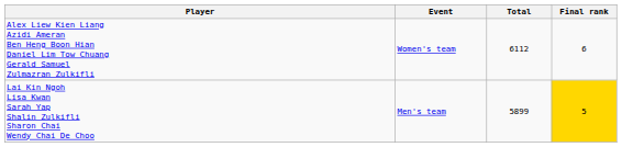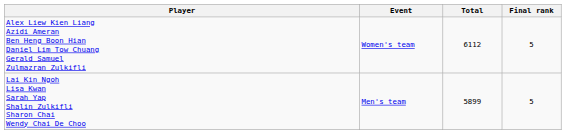 <table class="wikitable" width="70%" style="text-align:center; font-size:90%">
 <tr>
 <th width="30%">Player</th>
 <th width="7%">Event</th>
 <th width="5%">Total</th>
 <th width="5%">Final rank</th>
 </tr>
 <tr>
 <td align=left><a href='#'>Alex Liew Kien Liang</a><br><a href='#'>Azidi Ameran</a><br><a href='#'>Ben Heng Boon Hian</a><br><a href='#'>Daniel Lim Tow Chuang</a><br><a href='#'>Gerald Samuel</a><br><a href='#'>Zulmazran Zulkifli</a></td>
 <td align=left><a href='#'>Women's team</a></td>
 <td>6112</td>
-<td>6</td>
+<td>5</td>
 </tr>
 <tr>
 <td align=left><a href='#'>Lai Kin Ngoh</a><br><a href='#'>Lisa Kwan</a><br><a href='#'>Sarah Yap</a><br><a href='#'>Shalin Zulkifli</a><br><a href='#'>Sharon Chai</a><br><a href='#'>Wendy Chai De Choo</a></td>
 <td align=left><a href='#'>Men's team</a></td>
 <td>5899</td>
-<td style="background: gold;">5</td>
+<td>5</td>
 </tr>
 </table>
